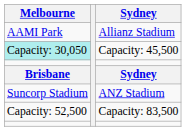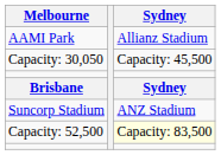 <table class="wikitable">
 <tr>
 <th><a href='#'>Melbourne</a></th>
 <th rowspan="8"></th>
 <th><a href='#'>Sydney</a></th>
 </tr>
 <tr>
 <td><a href='#'>AAMI Park</a></td>
 <td><a href='#'>Allianz Stadium</a></td>
 </tr>
 <tr>
-<td style="background: paleturquoise;">Capacity: 30,050</td>
+<td>Capacity: 30,050</td>
 <td>Capacity: 45,500</td>
 </tr>
 <tr>
 <td></td>
 <td></td>
 </tr>
 <tr>
 <th><a href='#'>Brisbane</a></th>
 <th><a href='#'>Sydney</a></th>
 </tr>
 <tr>
 <td><a href='#'>Suncorp Stadium</a></td>
 <td><a href='#'>ANZ Stadium</a></td>
 </tr>
 <tr>
 <td>Capacity: 52,500</td>
-<td>Capacity: 83,500</td>
+<td style="background: lightyellow;">Capacity: 83,500</td>
 </tr>
 <tr>
 <td></td>
 <td></td>
 </tr>
 </table>
